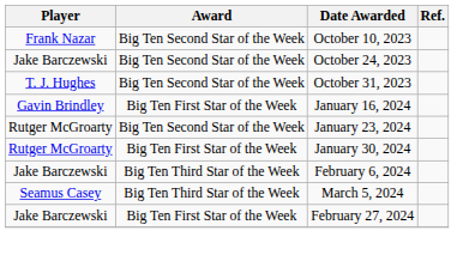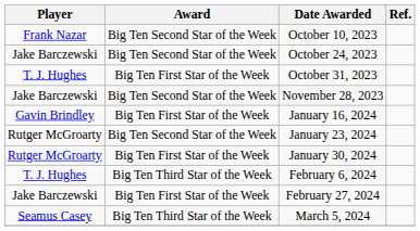 <table class="wikitable sortable sortable" style="text-align: center">
 <tr align=center>
 <th>Player</th>
 <th>Award</th>
 <th>Date Awarded</th>
 <th>Ref.</th>
 </tr>
 <tr>
 <td><a href='#'>Frank Nazar</a></td>
 <td>Big Ten Second Star of the Week</td>
 <td>October 10, 2023</td>
 <td></td>
 </tr>
 <tr>
 <td>Jake Barczewski</td>
 <td>Big Ten Second Star of the Week</td>
 <td>October 24, 2023</td>
 <td></td>
 </tr>
 <tr>
 <td><a href='#'>T. J. Hughes</a></td>
+<td>Big Ten First Star of the Week</td>
+<td>October 31, 2023</td>
+<td></td>
+</tr>
+<tr>
+<td>Jake Barczewski</td>
 <td>Big Ten Second Star of the Week</td>
-<td>October 31, 2023</td>
+<td>November 28, 2023</td>
 <td></td>
 </tr>
 <tr>
 <td><a href='#'>Gavin Brindley</a></td>
 <td>Big Ten First Star of the Week</td>
 <td>January 16, 2024</td>
 <td></td>
 </tr>
 <tr>
 <td>Rutger McGroarty</td>
 <td>Big Ten Second Star of the Week</td>
 <td>January 23, 2024</td>
 <td></td>
 </tr>
 <tr>
 <td><a href='#'>Rutger McGroarty</a></td>
 <td>Big Ten First Star of the Week</td>
 <td>January 30, 2024</td>
 <td></td>
 </tr>
 <tr>
-<td>Jake Barczewski</td>
+<td><a href='#'>T. J. Hughes</a></td>
 <td>Big Ten Third Star of the Week</td>
 <td>February 6, 2024</td>
+<td></td>
+</tr>
+<tr>
+<td>Jake Barczewski</td>
+<td>Big Ten First Star of the Week</td>
+<td>February 27, 2024</td>
 <td></td>
 </tr>
 <tr>
 <td><a href='#'>Seamus Casey</a></td>
 <td>Big Ten Third Star of the Week</td>
 <td>March 5, 2024</td>
 <td></td>
 </tr>
 <tr>
-<td>Jake Barczewski</td>
-<td>Big Ten First Star of the Week</td>
-<td>February 27, 2024</td>
-<td></td>
-</tr>
-<tr>
 </tr>
 </table>
